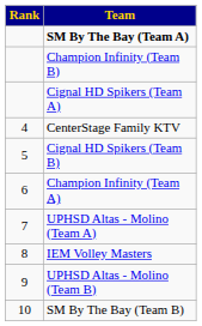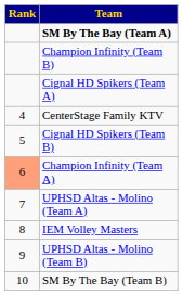 <table class="wikitable" style="text-align: center;">
 <tr>
 <th width=40 style="background:#00008B; color:#FFD700;">Rank</th>
 <th width=180 style="background:#00008B; color:#FFD700;">Team</th>
 </tr>
 <tr>
 <td></td>
 <td align="left"><strong>SM By The Bay (Team A)</strong></td>
 </tr>
 <tr>
 <td></td>
 <td align="left"><a href='#'>Champion Infinity (Team B)</a></td>
 </tr>
 <tr>
 <td></td>
 <td align="left"><a href='#'>Cignal HD Spikers (Team A)</a></td>
 </tr>
 <tr>
 <td>4</td>
 <td align="left">CenterStage Family KTV</td>
 </tr>
 <tr>
 <td>5</td>
 <td align="left"><a href='#'>Cignal HD Spikers (Team B)</a></td>
 </tr>
 <tr>
-<td>6</td>
+<td style="background: lightsalmon;">6</td>
 <td align="left"><a href='#'>Champion Infinity (Team A)</a></td>
 </tr>
 <tr>
 <td>7</td>
 <td align="left"><a href='#'>UPHSD Altas - Molino (Team A)</a></td>
 </tr>
 <tr>
 <td>8</td>
 <td align="left"><a href='#'>IEM Volley Masters</a></td>
 </tr>
 <tr>
 <td>9</td>
 <td align="left"><a href='#'>UPHSD Altas - Molino (Team B)</a></td>
 </tr>
 <tr>
 <td>10</td>
 <td align="left">SM By The Bay (Team B)</td>
 </tr>
 </table>
